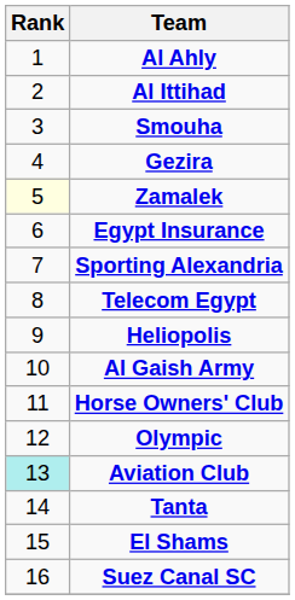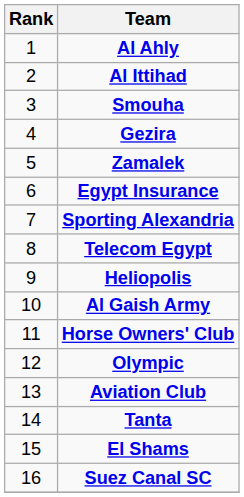 <table class="wikitable" style="text-align:center; font-size:90%;">
 <tr>
 <th>Rank</th>
 <th>Team</th>
 </tr>
 <tr>
 <td align="center">1</td>
 <td><strong><a href='#'>Al Ahly</a></strong></td>
 </tr>
 <tr>
 <td align="center">2</td>
 <td><strong><a href='#'>Al Ittihad</a></strong></td>
 </tr>
 <tr>
 <td align="center">3</td>
 <td><strong><a href='#'>Smouha</a></strong></td>
 </tr>
 <tr>
 <td align="center">4</td>
 <td><strong><a href='#'>Gezira</a></strong></td>
 </tr>
 <tr>
-<td align="center" style="background: lightyellow;">5</td>
+<td align="center">5</td>
 <td><strong><a href='#'>Zamalek</a></strong></td>
 </tr>
 <tr>
 <td align="center">6</td>
 <td><strong><a href='#'>Egypt Insurance</a></strong></td>
 </tr>
 <tr>
 <td align="center">7</td>
 <td><strong><a href='#'>Sporting Alexandria</a></strong></td>
 </tr>
 <tr>
 <td align="center">8</td>
 <td><a href='#'><strong>Telecom Egypt</strong></a></td>
 </tr>
 <tr>
 <td align="center">9</td>
 <td><strong><a href='#'>Heliopolis</a></strong></td>
 </tr>
 <tr>
 <td align="center">10</td>
 <td><a href='#'><strong>Al Gaish Army</strong></a></td>
 </tr>
 <tr>
 <td align="center">11</td>
 <td><strong><a href='#'>Horse Owners' Club</a></strong></td>
 </tr>
 <tr>
 <td align="center">12</td>
 <td><a href='#'><strong>Olympic</strong></a></td>
 </tr>
 <tr>
-<td align="center" style="background: paleturquoise;">13</td>
+<td align="center">13</td>
 <td><a href='#'><strong>Aviation Club</strong></a></td>
 </tr>
 <tr>
 <td align="center">14</td>
 <td><a href='#'><strong>Tanta</strong></a></td>
 </tr>
 <tr>
 <td align="center">15</td>
 <td><a href='#'><strong>El Shams</strong></a></td>
 </tr>
 <tr>
 <td align="center">16</td>
 <td><a href='#'><strong>Suez Canal SC</strong></a></td>
 </tr>
 <tr>
 </tr>
 </table>
